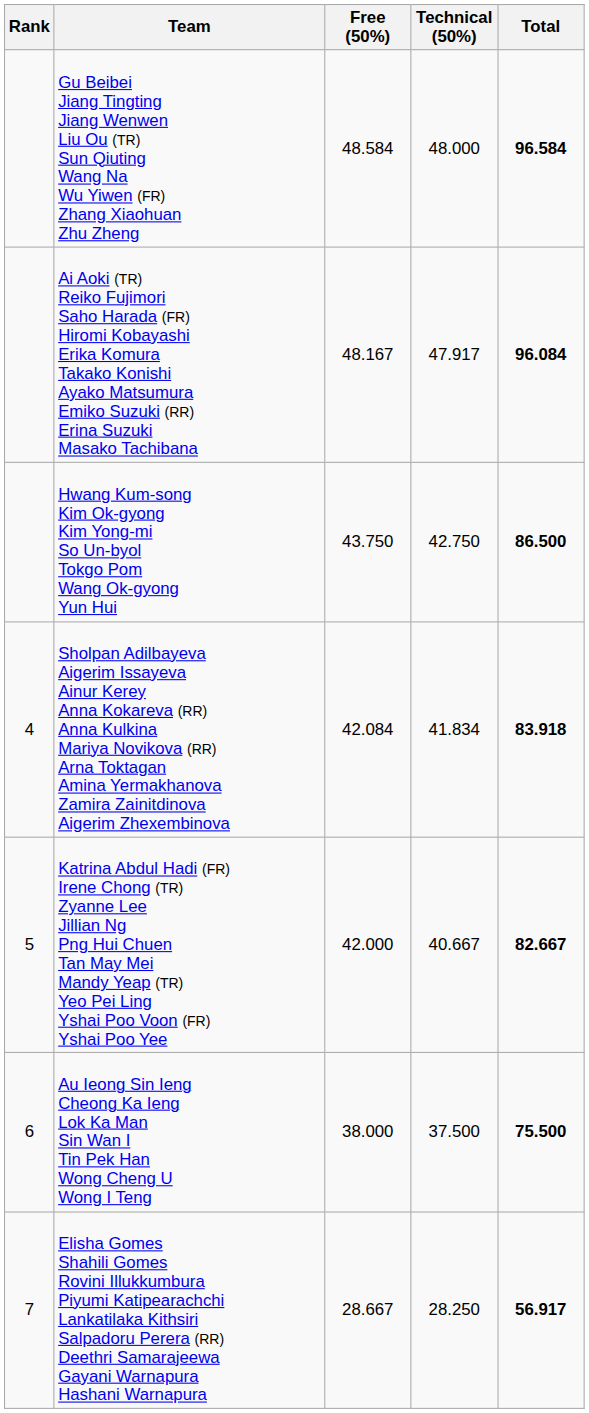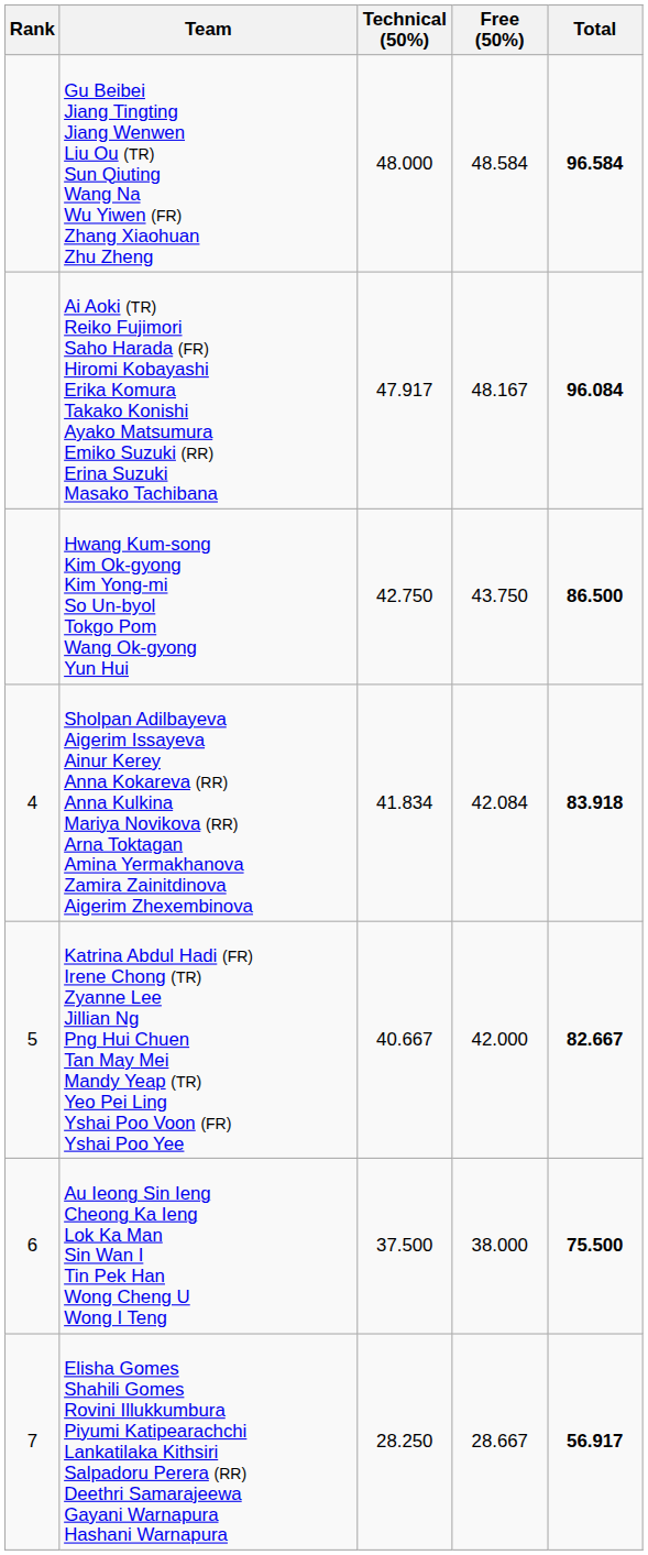 <table class=wikitable style="text-align:center">
 <tr>
 <th width=40>Rank</th>
 <th width=250>Team</th>
+<th width=75>Technical<br>(50%)</th>
 <th width=75>Free<br>(50%)</th>
-<th width=75>Technical<br>(50%)</th>
 <th width=75>Total</th>
 </tr>
 <tr>
 <td></td>
 <td align=left><br><a href='#'>Gu Beibei</a><br><a href='#'>Jiang Tingting</a><br><a href='#'>Jiang Wenwen</a><br><a href='#'>Liu Ou</a> <small>(TR)</small><br><a href='#'>Sun Qiuting</a><br><a href='#'>Wang Na</a><br><a href='#'>Wu Yiwen</a> <small>(FR)</small><br><a href='#'>Zhang Xiaohuan</a><br><a href='#'>Zhu Zheng</a></td>
+<td>48.000</td>
 <td>48.584</td>
-<td>48.000</td>
 <td><strong>96.584</strong></td>
 </tr>
 <tr>
 <td></td>
 <td align=left><br><a href='#'>Ai Aoki</a> <small>(TR)</small><br><a href='#'>Reiko Fujimori</a><br><a href='#'>Saho Harada</a> <small>(FR)</small><br><a href='#'>Hiromi Kobayashi</a><br><a href='#'>Erika Komura</a><br><a href='#'>Takako Konishi</a><br><a href='#'>Ayako Matsumura</a><br><a href='#'>Emiko Suzuki</a> <small>(RR)</small><br><a href='#'>Erina Suzuki</a><br><a href='#'>Masako Tachibana</a></td>
+<td>47.917</td>
 <td>48.167</td>
-<td>47.917</td>
 <td><strong>96.084</strong></td>
 </tr>
 <tr>
 <td></td>
 <td align=left><br><a href='#'>Hwang Kum-song</a><br><a href='#'>Kim Ok-gyong</a><br><a href='#'>Kim Yong-mi</a><br><a href='#'>So Un-byol</a><br><a href='#'>Tokgo Pom</a><br><a href='#'>Wang Ok-gyong</a><br><a href='#'>Yun Hui</a></td>
+<td>42.750</td>
 <td>43.750</td>
-<td>42.750</td>
 <td><strong>86.500</strong></td>
 </tr>
 <tr>
 <td>4</td>
 <td align=left><br><a href='#'>Sholpan Adilbayeva</a><br><a href='#'>Aigerim Issayeva</a><br><a href='#'>Ainur Kerey</a><br><a href='#'>Anna Kokareva</a> <small>(RR)</small><br><a href='#'>Anna Kulkina</a><br><a href='#'>Mariya Novikova</a> <small>(RR)</small><br><a href='#'>Arna Toktagan</a><br><a href='#'>Amina Yermakhanova</a><br><a href='#'>Zamira Zainitdinova</a><br><a href='#'>Aigerim Zhexembinova</a></td>
+<td>41.834</td>
 <td>42.084</td>
-<td>41.834</td>
 <td><strong>83.918</strong></td>
 </tr>
 <tr>
 <td>5</td>
 <td align=left><br><a href='#'>Katrina Abdul Hadi</a> <small>(FR)</small><br><a href='#'>Irene Chong</a> <small>(TR)</small><br><a href='#'>Zyanne Lee</a><br><a href='#'>Jillian Ng</a><br><a href='#'>Png Hui Chuen</a><br><a href='#'>Tan May Mei</a><br><a href='#'>Mandy Yeap</a> <small>(TR)</small><br><a href='#'>Yeo Pei Ling</a><br><a href='#'>Yshai Poo Voon</a> <small>(FR)</small><br><a href='#'>Yshai Poo Yee</a></td>
+<td>40.667</td>
 <td>42.000</td>
-<td>40.667</td>
 <td><strong>82.667</strong></td>
 </tr>
 <tr>
 <td>6</td>
 <td align=left><br><a href='#'>Au Ieong Sin Ieng</a><br><a href='#'>Cheong Ka Ieng</a><br><a href='#'>Lok Ka Man</a><br><a href='#'>Sin Wan I</a><br><a href='#'>Tin Pek Han</a><br><a href='#'>Wong Cheng U</a><br><a href='#'>Wong I Teng</a></td>
+<td>37.500</td>
 <td>38.000</td>
-<td>37.500</td>
 <td><strong>75.500</strong></td>
 </tr>
 <tr>
 <td>7</td>
 <td align=left><br><a href='#'>Elisha Gomes</a><br><a href='#'>Shahili Gomes</a><br><a href='#'>Rovini Illukkumbura</a><br><a href='#'>Piyumi Katipearachchi</a><br><a href='#'>Lankatilaka Kithsiri</a><br><a href='#'>Salpadoru Perera</a> <small>(RR)</small><br><a href='#'>Deethri Samarajeewa</a><br><a href='#'>Gayani Warnapura</a><br><a href='#'>Hashani Warnapura</a></td>
+<td>28.250</td>
 <td>28.667</td>
-<td>28.250</td>
 <td><strong>56.917</strong></td>
 </tr>
 </table>
